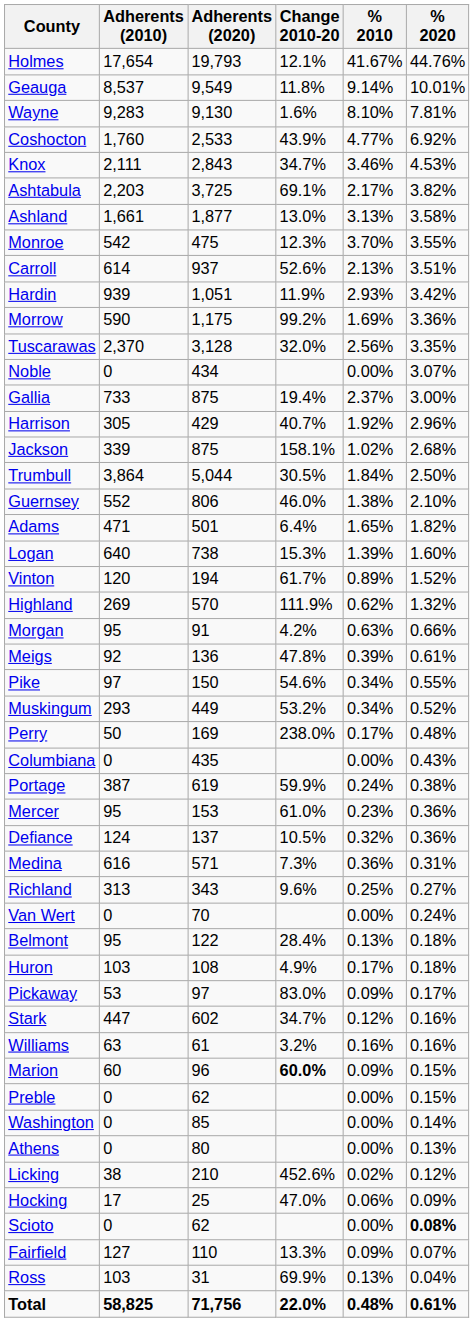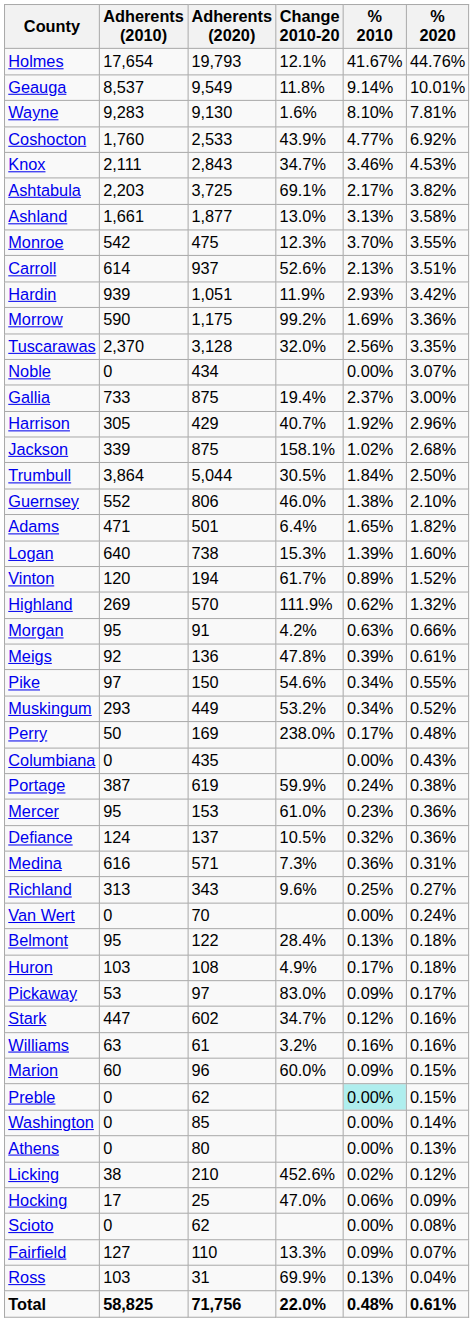 <table class="wikitable sortable">
 <tr>
 <th>County</th>
 <th>Adherents<br>(2010)</th>
 <th>Adherents<br>(2020)</th>
 <th>Change<br>2010-20</th>
 <th>%<br>2010</th>
 <th>%<br>2020</th>
 </tr>
 <tr --->
 <td><a href='#'>Holmes</a></td>
 <td>17,654</td>
 <td>19,793</td>
 <td>12.1%</td>
 <td>41.67%</td>
 <td>44.76%</td>
 </tr>
 <tr --->
 <td><a href='#'>Geauga</a></td>
 <td>8,537</td>
 <td>9,549</td>
 <td>11.8%</td>
 <td>9.14%</td>
 <td>10.01%</td>
 </tr>
 <tr --->
 <td><a href='#'>Wayne</a></td>
 <td>9,283</td>
 <td>9,130</td>
 <td>1.6%</td>
 <td>8.10%</td>
 <td>7.81%</td>
 </tr>
 <tr --->
 <td><a href='#'>Coshocton</a></td>
 <td>1,760</td>
 <td>2,533</td>
 <td>43.9%</td>
 <td>4.77%</td>
 <td>6.92%</td>
 </tr>
 <tr --->
 <td><a href='#'>Knox</a></td>
 <td>2,111</td>
 <td>2,843</td>
 <td>34.7%</td>
 <td>3.46%</td>
 <td>4.53%</td>
 </tr>
 <tr --->
 <td><a href='#'>Ashtabula</a></td>
 <td>2,203</td>
 <td>3,725</td>
 <td>69.1%</td>
 <td>2.17%</td>
 <td>3.82%</td>
 </tr>
 <tr --->
 <td><a href='#'>Ashland</a></td>
 <td>1,661</td>
 <td>1,877</td>
 <td>13.0%</td>
 <td>3.13%</td>
 <td>3.58%</td>
 </tr>
 <tr --->
 <td><a href='#'>Monroe</a></td>
 <td>542</td>
 <td>475</td>
 <td>12.3%</td>
 <td>3.70%</td>
 <td>3.55%</td>
 </tr>
 <tr --->
 <td><a href='#'>Carroll</a></td>
 <td>614</td>
 <td>937</td>
 <td>52.6%</td>
 <td>2.13%</td>
 <td>3.51%</td>
 </tr>
 <tr --->
 <td><a href='#'>Hardin</a></td>
 <td>939</td>
 <td>1,051</td>
 <td>11.9%</td>
 <td>2.93%</td>
 <td>3.42%</td>
 </tr>
 <tr --->
 <td><a href='#'>Morrow</a></td>
 <td>590</td>
 <td>1,175</td>
 <td>99.2%</td>
 <td>1.69%</td>
 <td>3.36%</td>
 </tr>
 <tr --->
 <td><a href='#'>Tuscarawas</a></td>
 <td>2,370</td>
 <td>3,128</td>
 <td>32.0%</td>
 <td>2.56%</td>
 <td>3.35%</td>
 </tr>
 <tr --->
 <td><a href='#'>Noble</a></td>
 <td>0</td>
 <td>434</td>
 <td></td>
 <td>0.00%</td>
 <td>3.07%</td>
 </tr>
 <tr --->
 <td><a href='#'>Gallia</a></td>
 <td>733</td>
 <td>875</td>
 <td>19.4%</td>
 <td>2.37%</td>
 <td>3.00%</td>
 </tr>
 <tr --->
 <td><a href='#'>Harrison</a></td>
 <td>305</td>
 <td>429</td>
 <td>40.7%</td>
 <td>1.92%</td>
 <td>2.96%</td>
 </tr>
 <tr --->
 <td><a href='#'>Jackson</a></td>
 <td>339</td>
 <td>875</td>
 <td>158.1%</td>
 <td>1.02%</td>
 <td>2.68%</td>
 </tr>
 <tr --->
 <td><a href='#'>Trumbull</a></td>
 <td>3,864</td>
 <td>5,044</td>
 <td>30.5%</td>
 <td>1.84%</td>
 <td>2.50%</td>
 </tr>
 <tr --->
 <td><a href='#'>Guernsey</a></td>
 <td>552</td>
 <td>806</td>
 <td>46.0%</td>
 <td>1.38%</td>
 <td>2.10%</td>
 </tr>
 <tr --->
 <td><a href='#'>Adams</a></td>
 <td>471</td>
 <td>501</td>
 <td>6.4%</td>
 <td>1.65%</td>
 <td>1.82%</td>
 </tr>
 <tr --->
 <td><a href='#'>Logan</a></td>
 <td>640</td>
 <td>738</td>
 <td>15.3%</td>
 <td>1.39%</td>
 <td>1.60%</td>
 </tr>
 <tr --->
 <td><a href='#'>Vinton</a></td>
 <td>120</td>
 <td>194</td>
 <td>61.7%</td>
 <td>0.89%</td>
 <td>1.52%</td>
 </tr>
 <tr --->
 <td><a href='#'>Highland</a></td>
 <td>269</td>
 <td>570</td>
 <td>111.9%</td>
 <td>0.62%</td>
 <td>1.32%</td>
 </tr>
 <tr --->
 <td><a href='#'>Morgan</a></td>
 <td>95</td>
 <td>91</td>
 <td>4.2%</td>
 <td>0.63%</td>
 <td>0.66%</td>
 </tr>
 <tr --->
 <td><a href='#'>Meigs</a></td>
 <td>92</td>
 <td>136</td>
 <td>47.8%</td>
 <td>0.39%</td>
 <td>0.61%</td>
 </tr>
 <tr --->
 <td><a href='#'>Pike</a></td>
 <td>97</td>
 <td>150</td>
 <td>54.6%</td>
 <td>0.34%</td>
 <td>0.55%</td>
 </tr>
 <tr --->
 <td><a href='#'>Muskingum</a></td>
 <td>293</td>
 <td>449</td>
 <td>53.2%</td>
 <td>0.34%</td>
 <td>0.52%</td>
 </tr>
 <tr --->
 <td><a href='#'>Perry</a></td>
 <td>50</td>
 <td>169</td>
 <td>238.0%</td>
 <td>0.17%</td>
 <td>0.48%</td>
 </tr>
 <tr --->
 <td><a href='#'>Columbiana</a></td>
 <td>0</td>
 <td>435</td>
 <td></td>
 <td>0.00%</td>
 <td>0.43%</td>
 </tr>
 <tr --->
 <td><a href='#'>Portage</a></td>
 <td>387</td>
 <td>619</td>
 <td>59.9%</td>
 <td>0.24%</td>
 <td>0.38%</td>
 </tr>
 <tr --->
 <td><a href='#'>Mercer</a></td>
 <td>95</td>
 <td>153</td>
 <td>61.0%</td>
 <td>0.23%</td>
 <td>0.36%</td>
 </tr>
 <tr --->
 <td><a href='#'>Defiance</a></td>
 <td>124</td>
 <td>137</td>
 <td>10.5%</td>
 <td>0.32%</td>
 <td>0.36%</td>
 </tr>
 <tr --->
 <td><a href='#'>Medina</a></td>
 <td>616</td>
 <td>571</td>
 <td>7.3%</td>
 <td>0.36%</td>
 <td>0.31%</td>
 </tr>
 <tr --->
 <td><a href='#'>Richland</a></td>
 <td>313</td>
 <td>343</td>
 <td>9.6%</td>
 <td>0.25%</td>
 <td>0.27%</td>
 </tr>
 <tr --->
 <td><a href='#'>Van Wert</a></td>
 <td>0</td>
 <td>70</td>
 <td></td>
 <td>0.00%</td>
 <td>0.24%</td>
 </tr>
 <tr --->
 <td><a href='#'>Belmont</a></td>
 <td>95</td>
 <td>122</td>
 <td>28.4%</td>
 <td>0.13%</td>
 <td>0.18%</td>
 </tr>
 <tr --->
 <td><a href='#'>Huron</a></td>
 <td>103</td>
 <td>108</td>
 <td>4.9%</td>
 <td>0.17%</td>
 <td>0.18%</td>
 </tr>
 <tr --->
 <td><a href='#'>Pickaway</a></td>
 <td>53</td>
 <td>97</td>
 <td>83.0%</td>
 <td>0.09%</td>
 <td>0.17%</td>
 </tr>
 <tr --->
 <td><a href='#'>Stark</a></td>
 <td>447</td>
 <td>602</td>
 <td>34.7%</td>
 <td>0.12%</td>
 <td>0.16%</td>
 </tr>
 <tr --->
 <td><a href='#'>Williams</a></td>
 <td>63</td>
 <td>61</td>
 <td>3.2%</td>
 <td>0.16%</td>
 <td>0.16%</td>
 </tr>
 <tr --->
 <td><a href='#'>Marion</a></td>
 <td>60</td>
 <td>96</td>
-<td><strong>60.0%</strong></td>
+<td>60.0%</td>
 <td>0.09%</td>
 <td>0.15%</td>
 </tr>
 <tr --->
 <td><a href='#'>Preble</a></td>
 <td>0</td>
 <td>62</td>
 <td></td>
-<td>0.00%</td>
+<td style="background: paleturquoise;">0.00%</td>
 <td>0.15%</td>
 </tr>
 <tr --->
 <td><a href='#'>Washington</a></td>
 <td>0</td>
 <td>85</td>
 <td></td>
 <td>0.00%</td>
 <td>0.14%</td>
 </tr>
 <tr --->
 <td><a href='#'>Athens</a></td>
 <td>0</td>
 <td>80</td>
 <td></td>
 <td>0.00%</td>
 <td>0.13%</td>
 </tr>
 <tr --->
 <td><a href='#'>Licking</a></td>
 <td>38</td>
 <td>210</td>
 <td>452.6%</td>
 <td>0.02%</td>
 <td>0.12%</td>
 </tr>
 <tr --->
 <td><a href='#'>Hocking</a></td>
 <td>17</td>
 <td>25</td>
 <td>47.0%</td>
 <td>0.06%</td>
 <td>0.09%</td>
 </tr>
 <tr --->
 <td><a href='#'>Scioto</a></td>
 <td>0</td>
 <td>62</td>
 <td></td>
 <td>0.00%</td>
-<td><strong>0.08%</strong></td>
+<td>0.08%</td>
 </tr>
 <tr --->
 <td><a href='#'>Fairfield</a></td>
 <td>127</td>
 <td>110</td>
 <td>13.3%</td>
 <td>0.09%</td>
 <td>0.07%</td>
 </tr>
 <tr --->
 <td><a href='#'>Ross</a></td>
 <td>103</td>
 <td>31</td>
 <td>69.9%</td>
 <td>0.13%</td>
 <td>0.04%</td>
 </tr>
 <tr --->
 <td><strong>Total</strong></td>
 <td><strong>58,825</strong></td>
 <td><strong>71,756</strong></td>
 <td><strong>22.0%</strong></td>
 <td><strong>0.48%</strong></td>
 <td><strong>0.61%</strong></td>
 </tr>
 </table>
